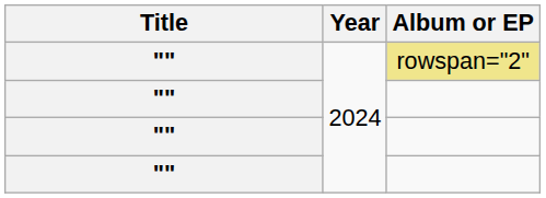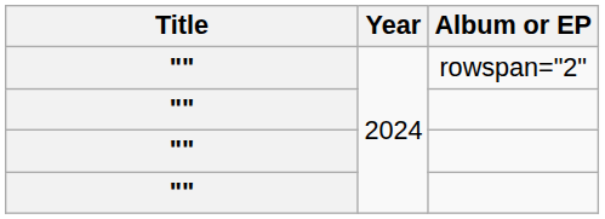 <table class="wikitable plainrowheaders" style="text-align:center;">
 <tr>
 <th scope="col" style="width:13em;">Title</th>
 <th scope="col">Year</th>
 <th scope="col">Album or EP</th>
 </tr>
 <tr>
 <th scope="row">""<br></th>
 <td rowspan="4">2024</td>
-<td style="background: khaki;">rowspan="2" </td>
+<td>rowspan="2" </td>
 </tr>
 <tr>
 <th scope="row">""<br></th>
 </tr>
 <tr>
 <th scope="row">""<br></th>
 <td></td>
 </tr>
 <tr>
 <th scope="row">""<br></th>
 <td></td>
 </tr>
 </table>
